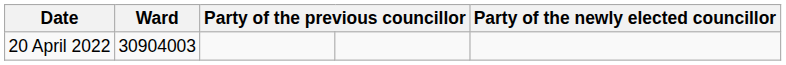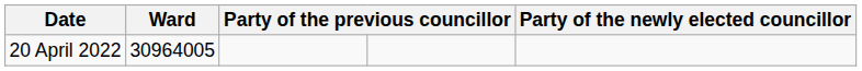 <table class="wikitable">
 <tr>
 <th>Date</th>
 <th>Ward</th>
 <th colspan=2>Party of the previous councillor</th>
 <th colspan=2>Party of the newly elected councillor</th>
 </tr>
 <tr>
 <td>20 April 2022</td>
-<td>30904003</td>
+<td>30964005</td>
 <td></td>
 <td></td>
 </tr>
 </table>
